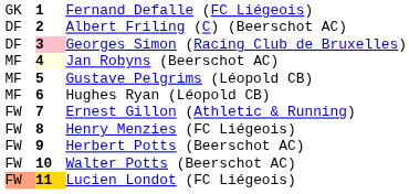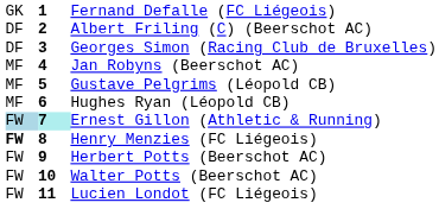 <table style="font-size:90%; margin:0.2em auto;" cellspacing="0" cellpadding="0">
 <tr>
 <th width="25"></th>
 <th width="25"></th>
 </tr>
 <tr>
 <td>GK</td>
 <td><strong>1</strong></td>
 <td> <a href='#'>Fernand Defalle</a> (<a href='#'>FC Liégeois</a>)</td>
 </tr>
 <tr>
 <td>DF</td>
 <td><strong>2</strong></td>
 <td> <a href='#'>Albert Friling</a> (<a href='#'>C</a>) (Beerschot AC)</td>
 </tr>
 <tr>
 <td>DF</td>
-<td style="background: pink;"><strong>3</strong></td>
+<td><strong>3</strong></td>
 <td> <a href='#'>Georges Simon</a> (<a href='#'>Racing Club de Bruxelles</a>)</td>
 </tr>
 <tr>
 <td>MF</td>
-<td style="background: lightyellow;"><strong>4</strong></td>
+<td><strong>4</strong></td>
 <td> <a href='#'>Jan Robyns</a> (Beerschot AC)</td>
 </tr>
 <tr>
 <td>MF</td>
 <td><strong>5</strong></td>
 <td> <a href='#'>Gustave Pelgrims</a> (Léopold CB)</td>
 </tr>
 <tr>
 <td>MF</td>
 <td><strong>6</strong></td>
 <td> Hughes Ryan (Léopold CB)</td>
 </tr>
 <tr>
-<td>FW</td>
-<td><strong>7</strong></td>
+<td style="background: lightblue;">FW</td>
+<td style="background: paleturquoise;"><strong>7</strong></td>
 <td> <a href='#'>Ernest Gillon</a> (<a href='#'>Athletic & Running</a>)</td>
 </tr>
 <tr>
-<td>FW</td>
+<td><strong>FW</strong></td>
 <td><strong>8</strong></td>
 <td> <a href='#'>Henry Menzies</a> (FC Liégeois)</td>
 </tr>
 <tr>
 <td>FW</td>
 <td><strong>9</strong></td>
 <td> <a href='#'>Herbert Potts</a> (Beerschot AC)</td>
 </tr>
 <tr>
 <td>FW</td>
 <td><strong>10</strong></td>
 <td> <a href='#'>Walter Potts</a> (Beerschot AC)</td>
 </tr>
 <tr>
-<td style="background: lightsalmon;">FW</td>
-<td style="background: gold;"><strong>11</strong></td>
+<td>FW</td>
+<td><strong>11</strong></td>
 <td> <a href='#'>Lucien Londot</a> (FC Liégeois)</td>
 </tr>
 <tr>
 </tr>
 </table>
